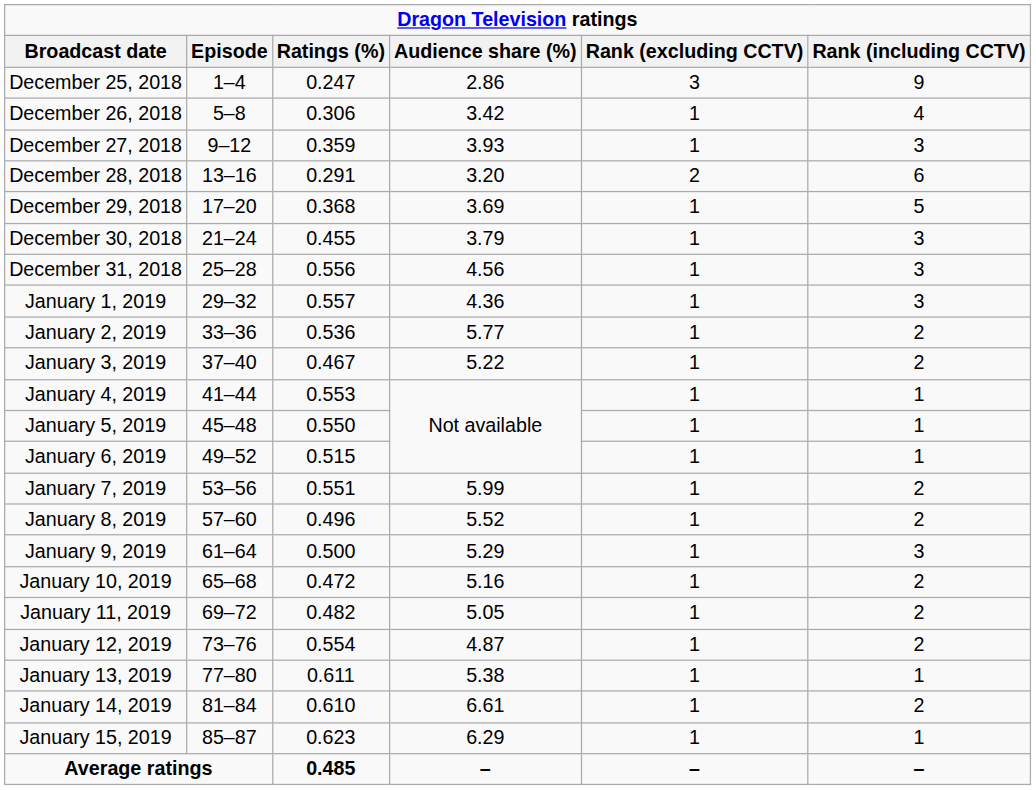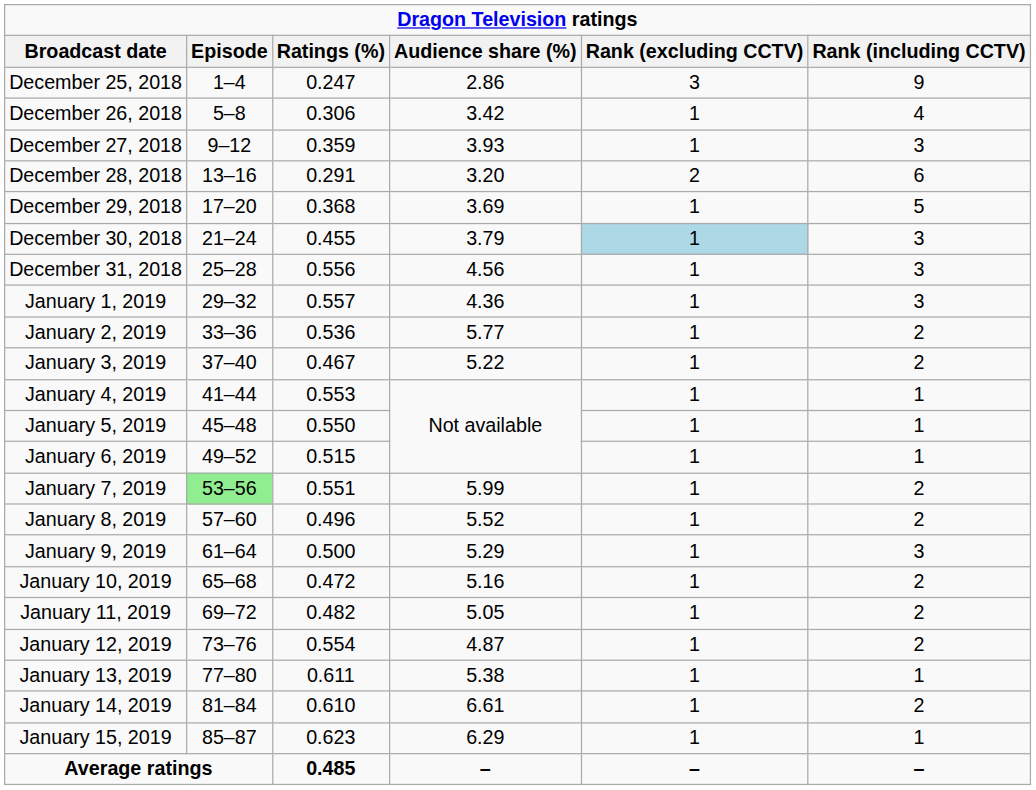 <table class="wikitable sortable mw-collapsible jquery-tablesorter" style="text-align:center">
 <tr>
 <td colspan="6"><strong><a href='#'>Dragon Television</a> ratings</strong></td>
 </tr>
 <tr>
 <th>Broadcast date</th>
 <th>Episode</th>
 <th>Ratings (%)</th>
 <th>Audience share (%)</th>
 <th>Rank (excluding CCTV)</th>
 <th>Rank (including CCTV)</th>
 </tr>
 <tr>
 <td>December  25, 2018</td>
 <td>1–4</td>
 <td>0.247</td>
 <td>2.86</td>
 <td>3</td>
 <td>9</td>
 </tr>
 <tr>
 <td>December 26, 2018</td>
 <td>5–8</td>
 <td>0.306</td>
 <td>3.42</td>
 <td>1</td>
 <td>4</td>
 </tr>
 <tr>
 <td>December 27, 2018</td>
 <td>9–12</td>
 <td>0.359</td>
 <td>3.93</td>
 <td>1</td>
 <td>3</td>
 </tr>
 <tr>
 <td>December  28, 2018</td>
 <td>13–16</td>
 <td>0.291</td>
 <td>3.20</td>
 <td>2</td>
 <td>6</td>
 </tr>
 <tr>
 <td>December 29, 2018</td>
 <td>17–20</td>
 <td>0.368</td>
 <td>3.69</td>
 <td>1</td>
 <td>5</td>
 </tr>
 <tr>
 <td>December 30, 2018</td>
 <td>21–24</td>
 <td>0.455</td>
 <td>3.79</td>
-<td>1</td>
+<td style="background: lightblue;">1</td>
 <td>3</td>
 </tr>
 <tr>
 <td>December 31, 2018</td>
 <td>25–28</td>
 <td>0.556</td>
 <td>4.56</td>
 <td>1</td>
 <td>3</td>
 </tr>
 <tr>
 <td>January 1, 2019</td>
 <td>29–32</td>
 <td>0.557</td>
 <td>4.36</td>
 <td>1</td>
 <td>3</td>
 </tr>
 <tr>
 <td>January 2, 2019</td>
 <td>33–36</td>
 <td>0.536</td>
 <td>5.77</td>
 <td>1</td>
 <td>2</td>
 </tr>
 <tr>
 <td>January 3, 2019</td>
 <td>37–40</td>
 <td>0.467</td>
 <td>5.22</td>
 <td>1</td>
 <td>2</td>
 </tr>
 <tr>
 <td>January 4, 2019</td>
 <td>41–44</td>
 <td>0.553</td>
 <td colspan="1" rowspan="3">Not available</td>
 <td>1</td>
 <td>1</td>
 </tr>
 <tr>
 <td>January 5, 2019</td>
 <td>45–48</td>
 <td>0.550</td>
 <td>1</td>
 <td>1</td>
 </tr>
 <tr>
 <td>January 6, 2019</td>
 <td>49–52</td>
 <td>0.515</td>
 <td>1</td>
 <td>1</td>
 </tr>
 <tr>
 <td>January 7, 2019</td>
-<td>53–56</td>
+<td style="background: lightgreen;">53–56</td>
 <td>0.551</td>
 <td>5.99</td>
 <td>1</td>
 <td>2</td>
 </tr>
 <tr>
 <td>January 8, 2019</td>
 <td>57–60</td>
 <td>0.496</td>
 <td>5.52</td>
 <td>1</td>
 <td>2</td>
 </tr>
 <tr>
 <td>January 9, 2019</td>
 <td>61–64</td>
 <td>0.500</td>
 <td>5.29</td>
 <td>1</td>
 <td>3</td>
 </tr>
 <tr>
 <td>January 10, 2019</td>
 <td>65–68</td>
 <td>0.472</td>
 <td>5.16</td>
 <td>1</td>
 <td>2</td>
 </tr>
 <tr>
 <td>January 11, 2019</td>
 <td>69–72</td>
 <td>0.482</td>
 <td>5.05</td>
 <td>1</td>
 <td>2</td>
 </tr>
 <tr>
 <td>January 12, 2019</td>
 <td>73–76</td>
 <td>0.554</td>
 <td>4.87</td>
 <td>1</td>
 <td>2</td>
 </tr>
 <tr>
 <td>January 13, 2019</td>
 <td>77–80</td>
 <td>0.611</td>
 <td>5.38</td>
 <td>1</td>
 <td>1</td>
 </tr>
 <tr>
 <td>January 14, 2019</td>
 <td>81–84</td>
 <td>0.610</td>
 <td>6.61</td>
 <td>1</td>
 <td>2</td>
 </tr>
 <tr>
 <td>January 15, 2019</td>
 <td>85–87</td>
 <td>0.623</td>
 <td>6.29</td>
 <td>1</td>
 <td>1</td>
 </tr>
 <tr>
 <td colspan="2" rowspan="1"><strong>Average ratings</strong></td>
 <td><strong>0.485</strong></td>
 <td><strong>–</strong></td>
 <td><strong>–</strong></td>
 <td><strong>–</strong></td>
 </tr>
 </table>
